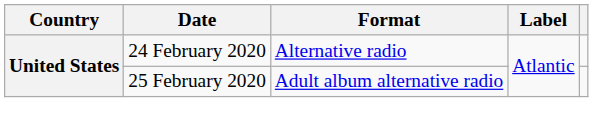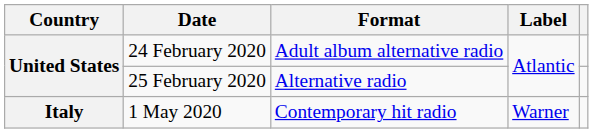 <table class="wikitable plainrowheaders">
 <tr>
 <th scope="col">Country</th>
 <th scope="col">Date</th>
 <th scope="col">Format</th>
 <th scope="col">Label</th>
 <th scope="col"></th>
 </tr>
 <tr>
 <th scope="row" rowspan="2">United States</th>
 <td>24 February 2020</td>
-<td><a href='#'>Alternative radio</a></td>
+<td><a href='#'>Adult album alternative radio</a></td>
 <td rowspan="2"><a href='#'>Atlantic</a></td>
 <td align="center"></td>
 </tr>
 <tr>
 <td>25 February 2020</td>
-<td><a href='#'>Adult album alternative radio</a></td>
+<td><a href='#'>Alternative radio</a></td>
+<td align="center"></td>
+</tr>
+<tr>
+<th scope="row">Italy</th>
+<td>1 May 2020</td>
+<td><a href='#'>Contemporary hit radio</a></td>
+<td><a href='#'>Warner</a></td>
 <td align="center"></td>
 </tr>
 </table>
